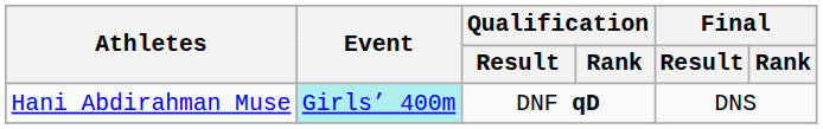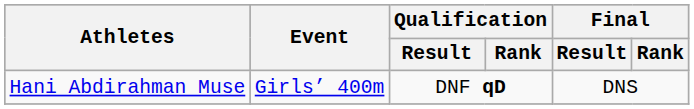 <table class="wikitable" border="1" style="font-size:90%">
 <tr>
 <th rowspan=2>Athletes</th>
 <th rowspan=2>Event</th>
 <th colspan=2>Qualification</th>
 <th colspan=2>Final</th>
 </tr>
 <tr>
 <th>Result</th>
 <th>Rank</th>
 <th>Result</th>
 <th>Rank</th>
 </tr>
 <tr>
 <td><a href='#'>Hani Abdirahman Muse</a></td>
-<td style="background: paleturquoise;"><a href='#'>Girls’ 400m</a></td>
+<td><a href='#'>Girls’ 400m</a></td>
 <td align=center colspan=2>DNF <strong>qD</strong></td>
 <td align=center colspan=2>DNS</td>
 </tr>
 </table>
